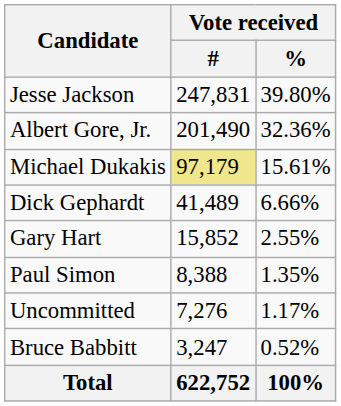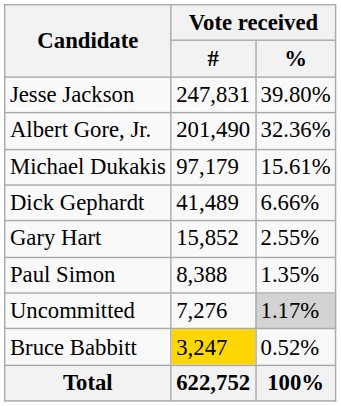 <table class="wikitable sortable">
 <tr>
 <th rowspan="2">Candidate</th>
 <th colspan="2">Vote received</th>
 </tr>
 <tr>
 <th>#</th>
 <th>%</th>
 </tr>
 <tr>
 <td>Jesse Jackson</td>
 <td>247,831</td>
 <td>39.80%</td>
 </tr>
 <tr>
 <td>Albert Gore, Jr.</td>
 <td>201,490</td>
 <td>32.36%</td>
 </tr>
 <tr>
 <td>Michael Dukakis</td>
-<td style="background: khaki;">97,179</td>
+<td>97,179</td>
 <td>15.61%</td>
 </tr>
 <tr>
 <td>Dick Gephardt</td>
 <td>41,489</td>
 <td>6.66%</td>
 </tr>
 <tr>
 <td>Gary Hart</td>
 <td>15,852</td>
 <td>2.55%</td>
 </tr>
 <tr>
 <td>Paul Simon</td>
 <td>8,388</td>
 <td>1.35%</td>
 </tr>
 <tr>
 <td>Uncommitted</td>
 <td>7,276</td>
-<td>1.17%</td>
+<td style="background: lightgrey;">1.17%</td>
 </tr>
 <tr>
 <td>Bruce Babbitt</td>
-<td>3,247</td>
+<td style="background: gold;">3,247</td>
 <td>0.52%</td>
 </tr>
 <tr>
 <th>Total</th>
 <th>622,752</th>
 <th>100%</th>
 </tr>
 </table>
